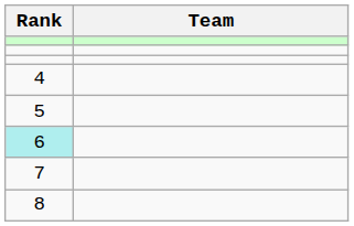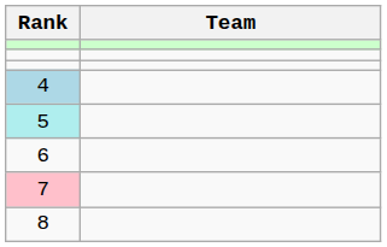 <table class="wikitable">
 <tr>
 <th width=40>Rank</th>
 <th width=180>Team</th>
 </tr>
 <tr bgcolor=#ccffcc>
 <td align=center></td>
 <td align=left></td>
 </tr>
 <tr>
 <td align=center></td>
 <td align=left></td>
 </tr>
 <tr>
 <td align=center></td>
 <td align=left></td>
 </tr>
 <tr>
-<td align=center>4</td>
+<td align=center style="background: lightblue;">4</td>
 <td align=left></td>
 </tr>
 <tr>
-<td align=center>5</td>
+<td align=center style="background: paleturquoise;">5</td>
 <td align=left></td>
 </tr>
 <tr>
-<td align=center style="background: paleturquoise;">6</td>
+<td align=center>6</td>
 <td align=left></td>
 </tr>
 <tr>
-<td align=center>7</td>
+<td align=center style="background: pink;">7</td>
 <td align=left></td>
 </tr>
 <tr>
 <td align=center>8</td>
 <td align=left></td>
 </tr>
 </table>
